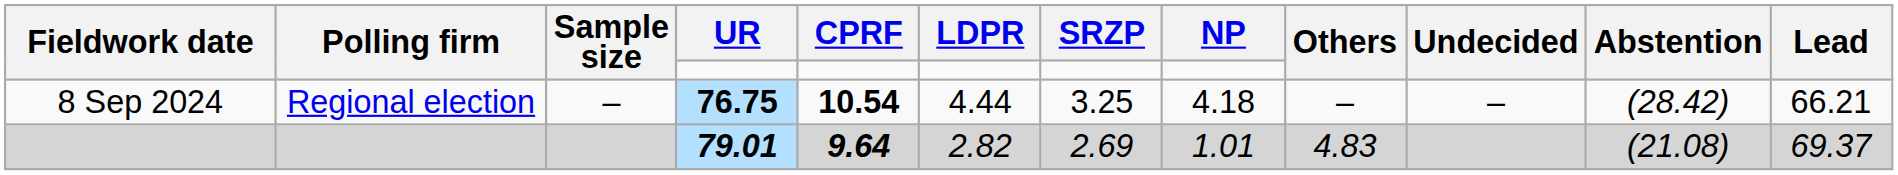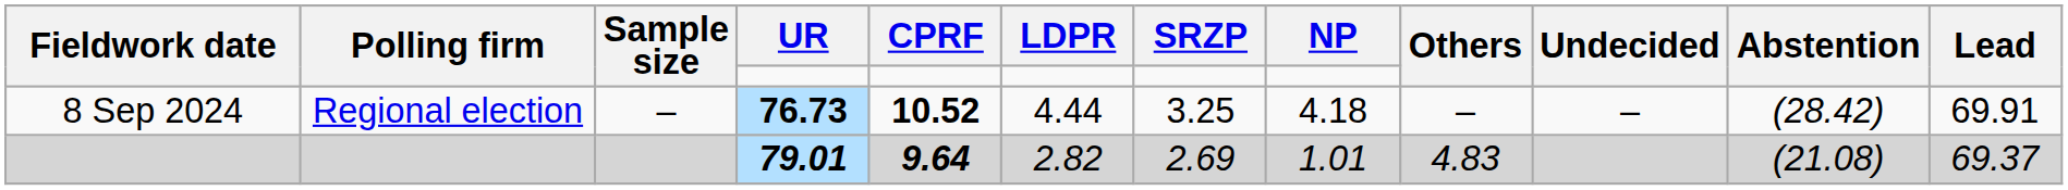 <table class=wikitable style="font-size:95%; line-height:14px; text-align:center">
 <tr>
 <th style=width:120px; rowspan=2>Fieldwork date</th>
 <th style=width:120px; rowspan=2>Polling firm</th>
 <th style=width:50px; rowspan=2>Sample<br>size</th>
 <th style="width:50px;"><a href='#'>UR</a></th>
 <th style="width:50px;"><a href='#'>CPRF</a></th>
 <th style="width:50px;"><a href='#'>LDPR</a></th>
 <th style="width:50px;"><a href='#'>SRZP</a></th>
 <th style="width:50px;"><a href='#'>NP</a></th>
 <th style="width:50px;" rowspan=2>Others</th>
 <th style="width:50px;" rowspan=2>Undecided</th>
 <th style="width:50px;" rowspan=2>Abstention</th>
 <th style="width:50px;" rowspan="2">Lead</th>
 </tr>
 <tr>
 <td bgcolor=></td>
 <td bgcolor=></td>
 <td bgcolor=></td>
 <td bgcolor=></td>
 <td bgcolor=></td>
 </tr>
 <tr>
 <td>8 Sep 2024</td>
 <td><a href='#'>Regional election</a></td>
 <td>–</td>
-<td style="background:#B3E0FF"><strong>76.75</strong></td>
-<td><strong>10.54</strong></td>
+<td style="background:#B3E0FF"><strong>76.73</strong></td>
+<td><strong>10.52</strong></td>
 <td>4.44</td>
 <td>3.25</td>
 <td>4.18</td>
 <td>–</td>
 <td>–</td>
 <td><em>(28.42)</em></td>
-<td style="background:">66.21</td>
+<td style="background:">69.91</td>
 </tr>
 <tr style="background:#D5D5D5">
 <td></td>
 <td></td>
 <td></td>
 <td style="background:#B3E0FF"><strong><em>79.01</em></strong></td>
 <td><strong><em>9.64</em></strong></td>
 <td><em>2.82</em></td>
 <td><em>2.69</em></td>
 <td><em>1.01</em></td>
 <td><em>4.83</em></td>
 <td></td>
 <td><em>(21.08)</em></td>
 <td style="background:"><em>69.37</em></td>
 </tr>
 </table>
